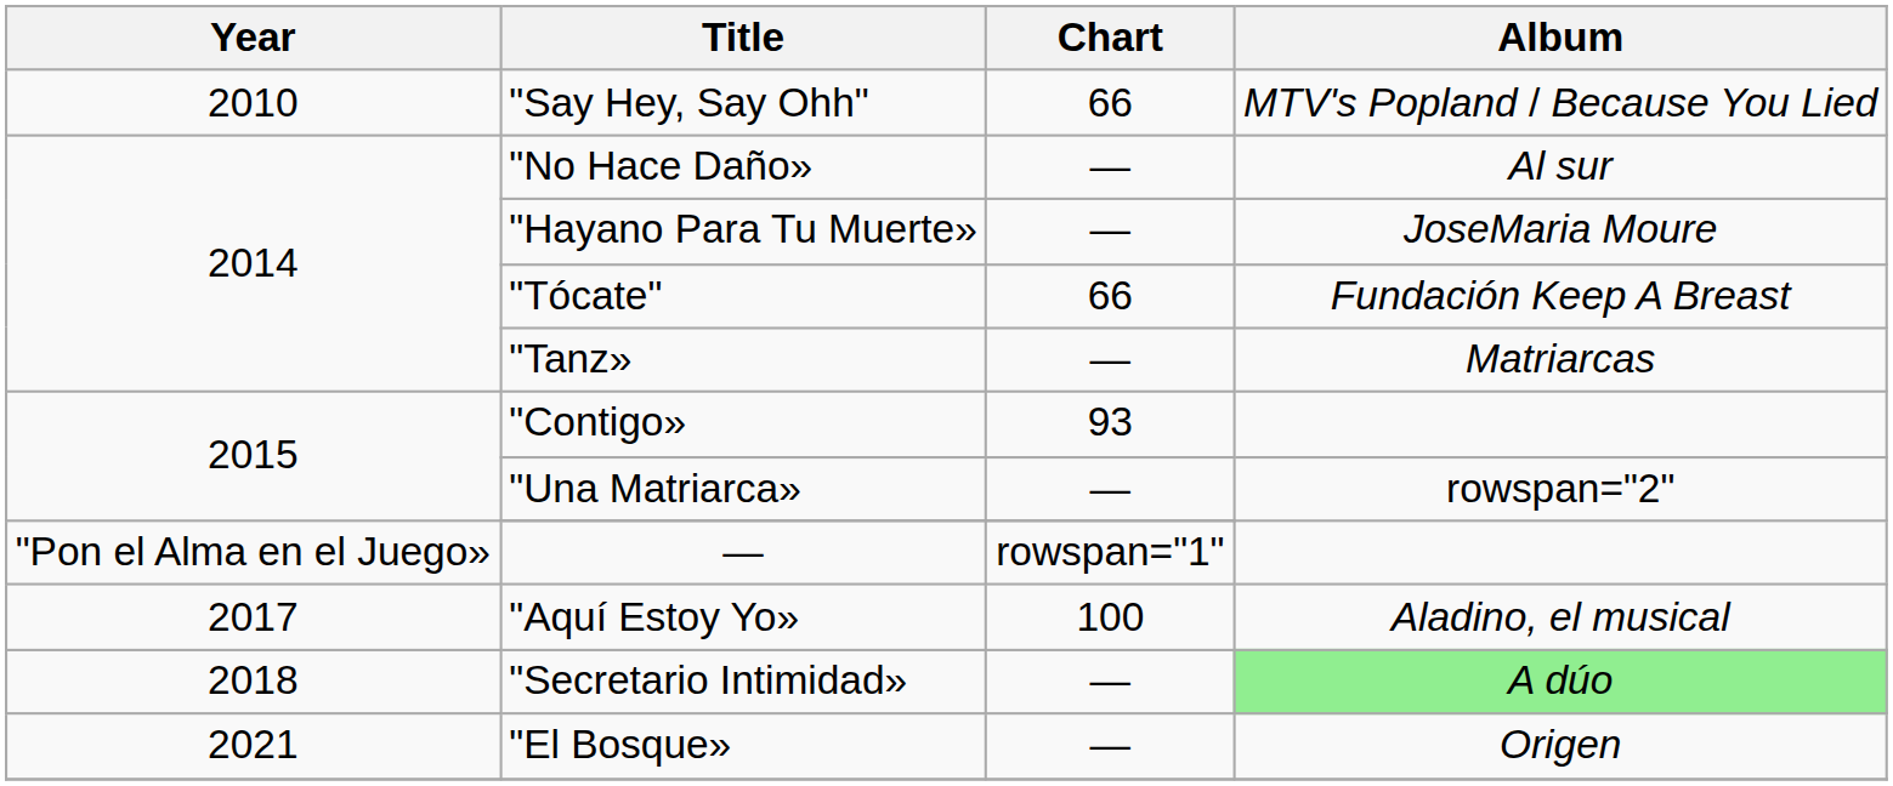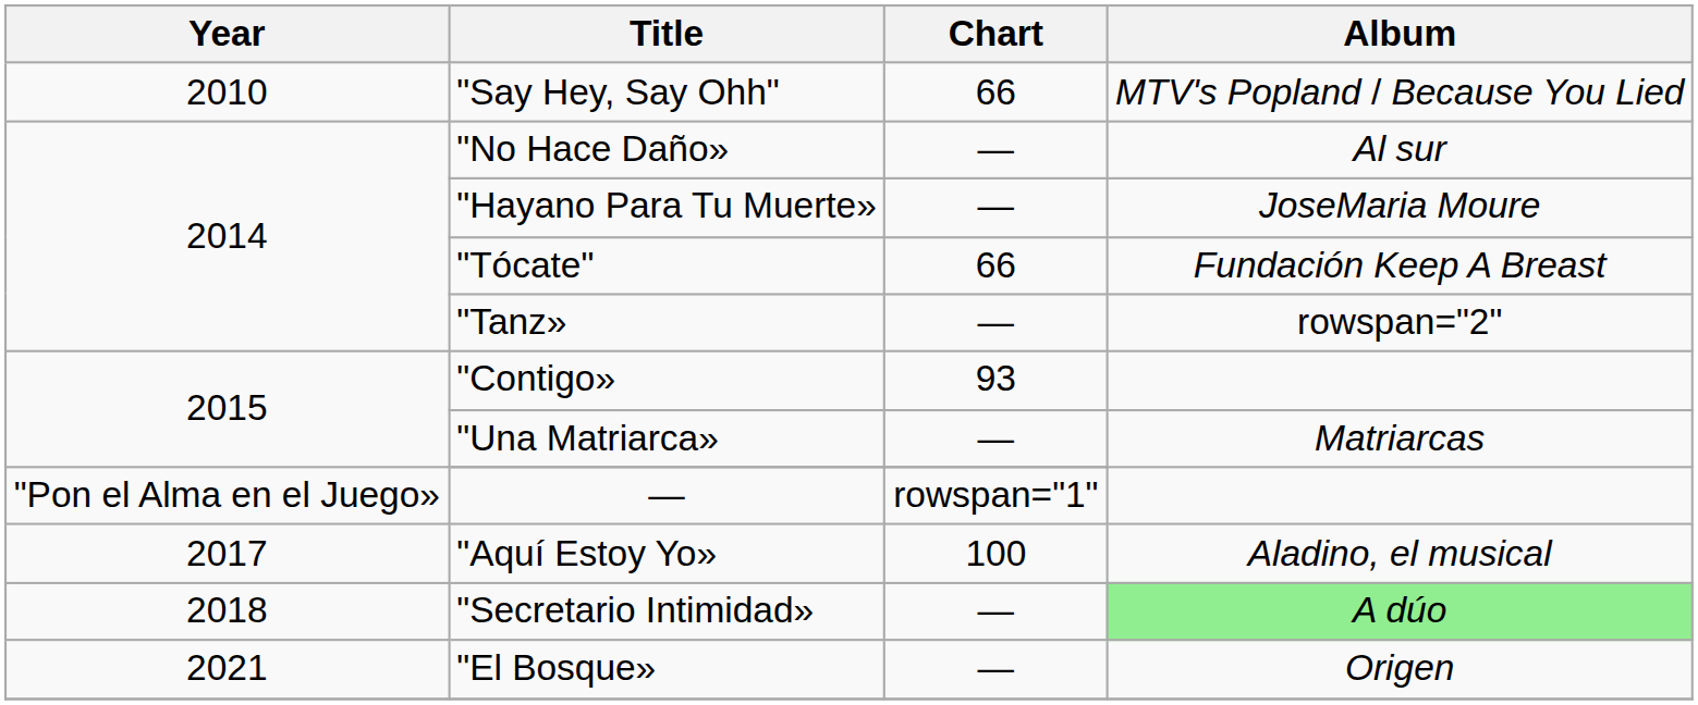 <table class="wikitable plainrowheaders" style="text-align:center;">
 <tr>
 <th rowspan="1" scope="col">Year</th>
 <th rowspan="1" scope="col">Title</th>
 <th colspan="1">Chart</th>
 <th rowspan="1" scope="col">Album</th>
 </tr>
 <tr>
 <td rowspan="1">2010</td>
 <td align="left">"Say Hey, Say Ohh" <br></td>
 <td>66</td>
 <td rowspan="1"><em>MTV's Popland </em> / <em>Because You Lied</em></td>
 </tr>
 <tr>
 <td rowspan="4">2014</td>
 <td align="left">"No Hace Daño» <br></td>
 <td>—</td>
 <td><em>Al sur</em></td>
 </tr>
 <tr>
 <td align="left">"Hayano Para Tu Muerte» <br></td>
 <td>—</td>
 <td><em>JoseMaria Moure</em></td>
 </tr>
 <tr>
 <td align="left">"Tócate" <br></td>
 <td>66</td>
 <td><em>Fundación Keep A Breast</em></td>
 </tr>
 <tr>
 <td align="left">"Tanz» <br></td>
 <td>—</td>
-<td rowspan="1"><em>Matriarcas</em></td>
+<td>rowspan="2" </td>
 </tr>
 <tr>
 <td rowspan="3" align="center">2015</td>
 <td align="left">"Contigo» <br></td>
 <td>93</td>
 </tr>
 <tr>
 <td align="left">"Una Matriarca» <br></td>
 <td>—</td>
-<td>rowspan="2" </td>
+<td rowspan="1"><em>Matriarcas</em></td>
 </tr>
 <tr>
 </tr>
 <tr>
 <td align="left">"Pon el Alma en el Juego» <br></td>
 <td>—</td>
 <td>rowspan="1" </td>
 </tr>
 <tr>
 <td rowspan="1">2017</td>
 <td align="left">"Aquí Estoy Yo» <br></td>
 <td>100</td>
 <td rowspan="1"><em>Aladino, el musical</em></td>
 </tr>
 <tr>
 <td>2018</td>
 <td align="left">"Secretario Intimidad» <br></td>
 <td>—</td>
 <td rowspan="1" style="background: lightgreen;"><em>A dúo</em></td>
 </tr>
 <tr>
 <td>2021</td>
 <td align="left">"El Bosque» <br></td>
 <td>—</td>
 <td rowspan="1"><em>Origen</em></td>
 </tr>
 <tr>
 </tr>
 </table>
